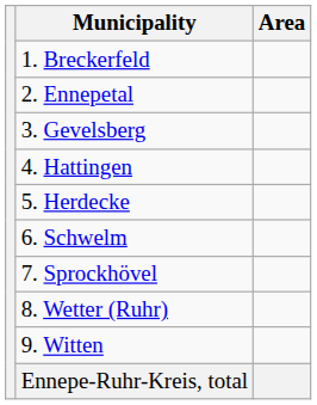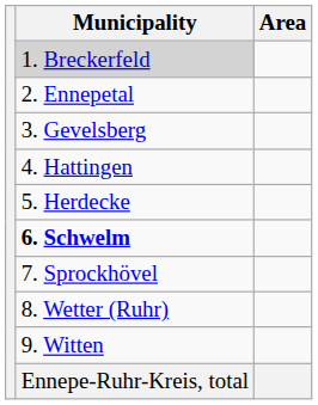 <table class="wikitable">
 <tr>
 <th rowspan="11"></th>
 <th>Municipality</th>
 <th>Area</th>
 </tr>
 <tr>
-<td>1. <a href='#'>Breckerfeld</a></td>
+<td style="background: lightgrey;">1. <a href='#'>Breckerfeld</a></td>
 <td align="right"></td>
 </tr>
 <tr>
 <td>2. <a href='#'>Ennepetal</a></td>
 <td align="right"></td>
 </tr>
 <tr>
 <td>3. <a href='#'>Gevelsberg</a></td>
 <td align="right"></td>
 </tr>
 <tr>
 <td>4. <a href='#'>Hattingen</a></td>
 <td align="right"></td>
 </tr>
 <tr>
 <td>5. <a href='#'>Herdecke</a></td>
 <td align="right"></td>
 </tr>
 <tr>
-<td>6. <a href='#'>Schwelm</a></td>
+<td><strong>6. <a href='#'>Schwelm</a></strong></td>
 <td align="right"></td>
 </tr>
 <tr>
 <td>7. <a href='#'>Sprockhövel</a></td>
 <td align="right"></td>
 </tr>
 <tr>
 <td>8. <a href='#'>Wetter (Ruhr)</a></td>
 <td align="right"></td>
 </tr>
 <tr>
 <td>9. <a href='#'>Witten</a></td>
 <td align="right"></td>
 </tr>
 <tr>
 <td style="background-color:#F2F2F2">Ennepe-Ruhr-Kreis, total</td>
 <td style="background-color:#F2F2F2" align="right"><strong></strong></td>
 </tr>
 </table>
